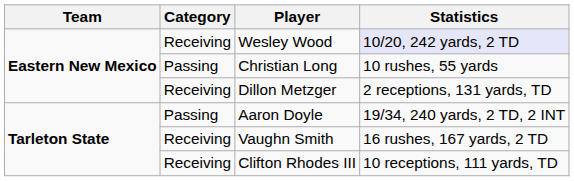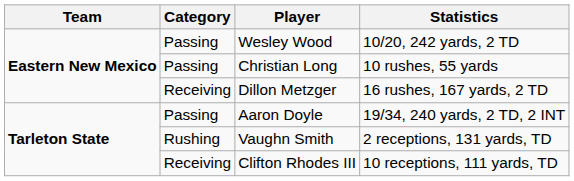 <table class="wikitable" style="float: left;">
 <tr>
 <th>Team</th>
 <th>Category</th>
 <th>Player</th>
 <th>Statistics</th>
 </tr>
 <tr>
 <td rowspan=3><strong>Eastern New Mexico</strong></td>
-<td>Receiving</td>
+<td>Passing</td>
 <td>Wesley Wood</td>
-<td style="background: lavender;">10/20, 242 yards, 2 TD</td>
+<td>10/20, 242 yards, 2 TD</td>
 </tr>
 <tr>
 <td>Passing</td>
 <td>Christian Long</td>
 <td>10 rushes, 55 yards</td>
 </tr>
 <tr>
 <td>Receiving</td>
 <td>Dillon Metzger</td>
-<td>2 receptions, 131 yards, TD</td>
+<td>16 rushes, 167 yards, 2 TD</td>
 </tr>
 <tr>
 <td rowspan=3><strong>Tarleton State</strong></td>
 <td>Passing</td>
 <td>Aaron Doyle</td>
 <td>19/34, 240 yards, 2 TD, 2 INT</td>
 </tr>
 <tr>
-<td>Receiving</td>
+<td>Rushing</td>
 <td>Vaughn Smith</td>
-<td>16 rushes, 167 yards, 2 TD</td>
+<td>2 receptions, 131 yards, TD</td>
 </tr>
 <tr>
 <td>Receiving</td>
 <td>Clifton Rhodes III</td>
 <td>10 receptions, 111 yards, TD</td>
 </tr>
 </table>
